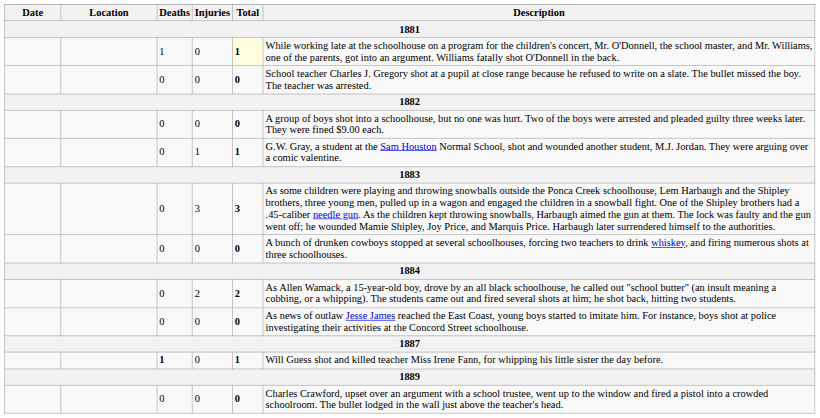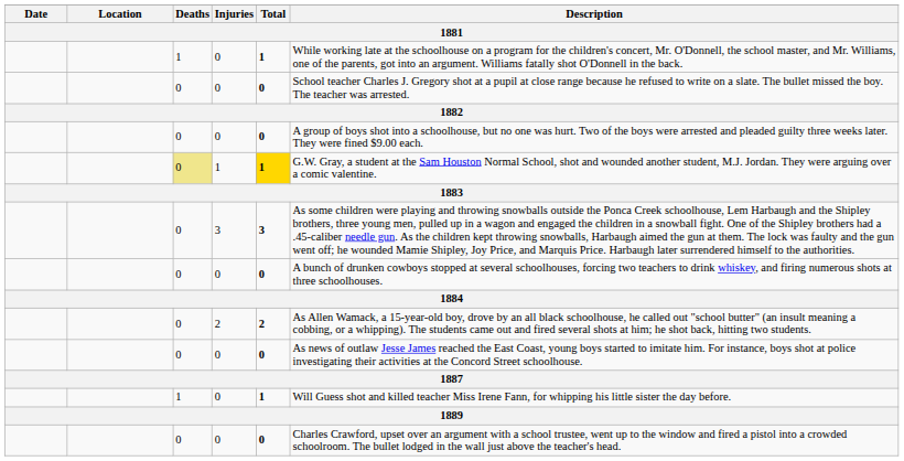 <table class="sortable wikitable" style="font-size:100%;" id="1880s">
 <tr>
 </tr>
 <tr>
 <th style="width:80px;">Date</th>
 <th style="width:140px;">Location</th>
 <th style="width:40px;">Deaths</th>
 <th style="width:40px;">Injuries</th>
 <th style="width:40px;">Total</th>
 <th class="unsortable">Description</th>
 </tr>
 <tr>
 <th colspan="6">1881 </th>
 </tr>
 <tr>
 <td></td>
 <td></td>
 <td>1</td>
 <td>0</td>
-<td style="background: lightyellow;"><strong>1</strong></td>
+<td><strong>1</strong></td>
 <td>While working late at the schoolhouse on a program for the children's concert, Mr. O'Donnell, the school master, and Mr. Williams, one of the parents, got into an argument. Williams fatally shot O'Donnell in the back.</td>
 </tr>
 <tr>
 <td></td>
 <td></td>
 <td>0</td>
 <td>0</td>
 <td><strong>0</strong></td>
 <td>School teacher Charles J. Gregory shot at a pupil at close range because he refused to write on a slate. The bullet missed the boy. The teacher was arrested.</td>
 </tr>
 <tr>
 <th colspan="6">1882 </th>
 </tr>
 <tr>
 <td></td>
 <td></td>
 <td>0</td>
 <td>0</td>
 <td><strong>0</strong></td>
 <td>A group of boys shot into a schoolhouse, but no one was hurt. Two of the boys were arrested and pleaded guilty three weeks later. They were fined $9.00 each.</td>
 </tr>
 <tr>
 <td></td>
 <td></td>
-<td>0</td>
+<td style="background: khaki;">0</td>
 <td>1</td>
-<td><strong>1</strong></td>
+<td style="background: gold;"><strong>1</strong></td>
 <td>G.W. Gray, a student at the <a href='#'>Sam Houston</a> Normal School, shot and wounded another student, M.J. Jordan. They were arguing over a comic valentine.</td>
 </tr>
 <tr>
 <th colspan="6">1883 </th>
 </tr>
 <tr>
 <td></td>
 <td></td>
 <td>0</td>
 <td>3</td>
 <td><strong>3</strong></td>
 <td>As some children were playing and throwing snowballs outside the Ponca Creek schoolhouse, Lem Harbaugh and the Shipley brothers, three young men, pulled up in a wagon and engaged the children in a snowball fight. One of the Shipley brothers had a .45-caliber <a href='#'>needle gun</a>. As the children kept throwing snowballs, Harbaugh aimed the gun at them. The lock was faulty and the gun went off; he wounded Mamie Shipley, Joy Price, and Marquis Price. Harbaugh later surrendered himself to the authorities.</td>
 </tr>
 <tr>
 <td></td>
 <td></td>
 <td>0</td>
 <td>0</td>
 <td><strong>0</strong></td>
 <td>A bunch of drunken cowboys stopped at several schoolhouses, forcing two teachers to drink <a href='#'>whiskey</a>, and firing numerous shots at three schoolhouses.</td>
 </tr>
 <tr>
 <th colspan="6">1884 </th>
 </tr>
 <tr>
 <td></td>
 <td></td>
 <td>0</td>
 <td>2</td>
 <td><strong>2</strong></td>
 <td>As Allen Wamack, a 15-year-old boy, drove by an all black schoolhouse, he called out "school butter" (an insult meaning a cobbing, or a whipping). The students came out and fired several shots at him; he shot back, hitting two students.</td>
 </tr>
 <tr>
 <td></td>
 <td></td>
 <td>0</td>
 <td>0</td>
 <td><strong>0</strong></td>
 <td>As news of outlaw <a href='#'>Jesse James</a> reached the East Coast, young boys started to imitate him. For instance, boys shot at police investigating their activities at the Concord Street schoolhouse.</td>
 </tr>
 <tr>
 <th colspan="6">1887 </th>
 </tr>
 <tr>
 <td></td>
 <td></td>
-<td><strong>1</strong></td>
+<td>1</td>
 <td>0</td>
 <td><strong>1</strong></td>
 <td>Will Guess shot and killed teacher Miss Irene Fann, for whipping his little sister the day before.</td>
 </tr>
 <tr>
 <th colspan="6">1889 </th>
 </tr>
 <tr>
 <td></td>
 <td></td>
 <td>0</td>
 <td>0</td>
 <td><strong>0</strong></td>
 <td>Charles Crawford, upset over an argument with a school trustee, went up to the window and fired a pistol into a crowded schoolroom. The bullet lodged in the wall just above the teacher's head.</td>
 </tr>
 </table>
